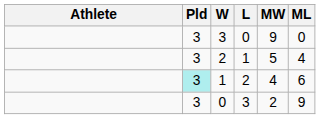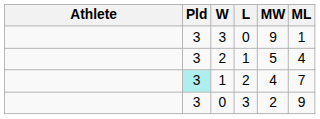 <table class="wikitable" style="text-align:center">
 <tr>
 <th width=200>Athlete</th>
 <th width=20>Pld</th>
 <th width=20>W</th>
 <th width=20>L</th>
 <th width=20>MW</th>
 <th width=20>ML</th>
 </tr>
 <tr>
 <td style="text-align:left"></td>
 <td>3</td>
 <td>3</td>
 <td>0</td>
 <td>9</td>
-<td>0</td>
+<td>1</td>
 </tr>
 <tr>
 <td style="text-align:left"></td>
 <td>3</td>
 <td>2</td>
 <td>1</td>
 <td>5</td>
 <td>4</td>
 </tr>
 <tr>
 <td style="text-align:left"></td>
 <td style="background: paleturquoise;">3</td>
 <td>1</td>
 <td>2</td>
 <td>4</td>
-<td>6</td>
+<td>7</td>
 </tr>
 <tr>
 <td style="text-align:left"></td>
 <td>3</td>
 <td>0</td>
 <td>3</td>
 <td>2</td>
 <td>9</td>
 </tr>
 </table>
